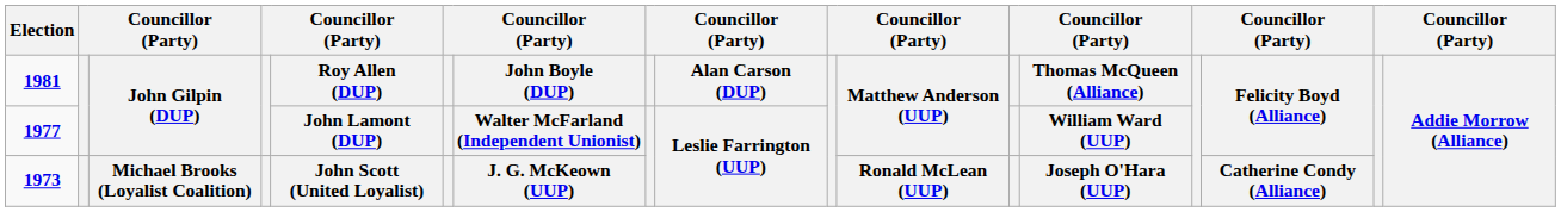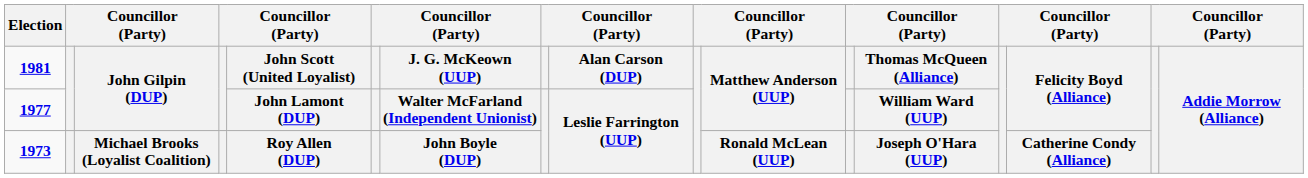 <table class="wikitable" style="text-align:center">
 <tr>
 <th scope="col" width="50">Election</th>
 <th scope="col" width="150" colspan = "2">Councillor<br> (Party)</th>
 <th scope="col" width="150" colspan = "2">Councillor<br> (Party)</th>
 <th scope="col" width="150" colspan = "2">Councillor<br> (Party)</th>
 <th scope="col" width="150" colspan = "2">Councillor<br> (Party)</th>
 <th scope="col" width="150" colspan = "2">Councillor<br> (Party)</th>
 <th scope="col" width="150" colspan = "2">Councillor<br> (Party)</th>
 <th scope="col" width="150" colspan = "2">Councillor<br> (Party)</th>
 <th scope="col" width="150" colspan = "2">Councillor<br> (Party)</th>
 </tr>
 <tr>
 <td><strong><a href='#'>1981</a></strong></td>
 <th rowspan="2" width="1" style="background-color: "></th>
 <th rowspan = "2">John Gilpin <br> (<a href='#'>DUP</a>)</th>
 <th rowspan="2" width="1" style="background-color: "></th>
-<th rowspan = "1">Roy Allen <br> (<a href='#'>DUP</a>)</th>
+<th rowspan = "1">John Scott <br> (United Loyalist)</th>
 <th rowspan="1" width="1" style="background-color: "></th>
-<th rowspan = "1">John Boyle <br> (<a href='#'>DUP</a>)</th>
+<th rowspan = "1">J. G. McKeown <br> (<a href='#'>UUP</a>)</th>
 <th rowspan="1" width="1" style="background-color: "></th>
 <th rowspan = "1">Alan Carson <br> (<a href='#'>DUP</a>)</th>
 <th rowspan="3" width="1" style="background-color: "></th>
 <th rowspan = "2">Matthew Anderson <br> (<a href='#'>UUP</a>)</th>
 <th rowspan="1" width="1" style="background-color: "></th>
 <th rowspan = "1">Thomas McQueen <br> (<a href='#'>Alliance</a>)</th>
 <th rowspan="3" width="1" style="background-color: "></th>
 <th rowspan = "2">Felicity Boyd <br> (<a href='#'>Alliance</a>)</th>
 <th rowspan="3" width="1" style="background-color: "></th>
 <th rowspan = "3"><a href='#'>Addie Morrow</a> <br> (<a href='#'>Alliance</a>)</th>
 </tr>
 <tr>
 <td><strong><a href='#'>1977</a></strong></td>
 <th rowspan = "1">John Lamont <br> (<a href='#'>DUP</a>)</th>
 <th rowspan="1" width="1" style="background-color: "></th>
 <th rowspan = "1">Walter McFarland <br> (<a href='#'>Independent Unionist</a>)</th>
 <th rowspan="2" width="1" style="background-color: "></th>
 <th rowspan = "2">Leslie Farrington <br> (<a href='#'>UUP</a>)</th>
 <th rowspan="1" width="1" style="background-color: "></th>
 <th rowspan = "1">William Ward <br> (<a href='#'>UUP</a>)</th>
 </tr>
 <tr>
 <td><strong><a href='#'>1973</a></strong></td>
 <th rowspan="1" width="1" style="background-color: "></th>
 <th rowspan = "1">Michael Brooks <br> (Loyalist Coalition)</th>
 <th rowspan="1" width="1" style="background-color: "></th>
-<th rowspan = "1">John Scott <br> (United Loyalist)</th>
+<th rowspan = "1">Roy Allen <br> (<a href='#'>DUP</a>)</th>
 <th rowspan="1" width="1" style="background-color: "></th>
-<th rowspan = "1">J. G. McKeown <br> (<a href='#'>UUP</a>)</th>
+<th rowspan = "1">John Boyle <br> (<a href='#'>DUP</a>)</th>
 <th rowspan = "1">Ronald McLean <br> (<a href='#'>UUP</a>)</th>
 <th rowspan="1" width="1" style="background-color: "></th>
 <th rowspan = "1">Joseph O'Hara <br> (<a href='#'>UUP</a>)</th>
 <th rowspan = "1">Catherine Condy <br> (<a href='#'>Alliance</a>)</th>
 </tr>
 </table>
